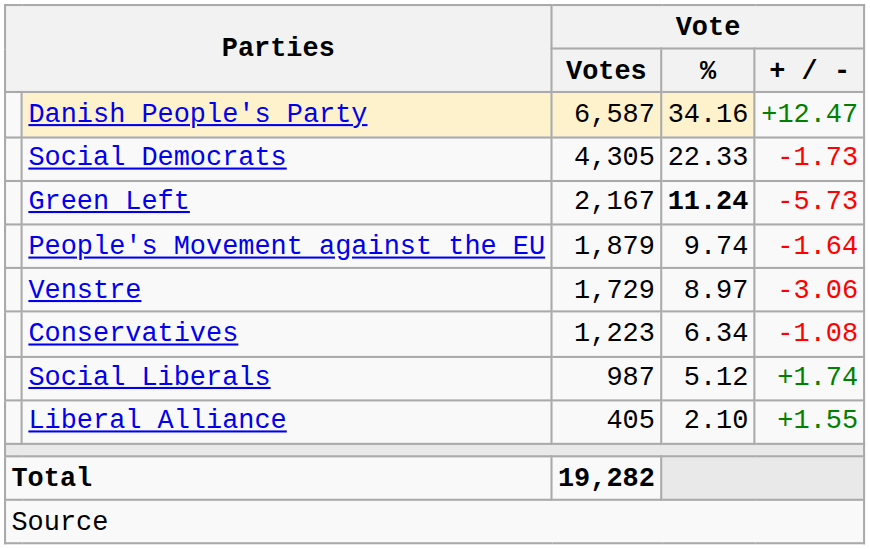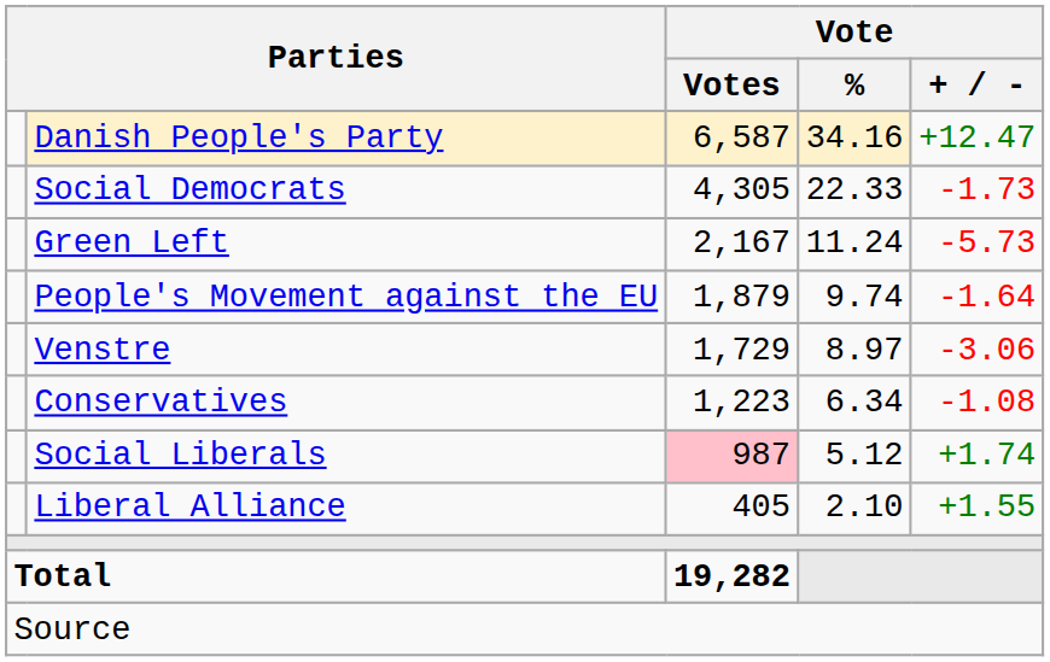 <table class="wikitable" style="text-align:right;">
 <tr>
 <th style="text-align:centre;" rowspan="2" colspan="2" width="225">Parties</th>
 <th colspan="3">Vote</th>
 </tr>
 <tr>
 <th width="15">Votes</th>
 <th width="15">%</th>
 <th width="15">+ / -</th>
 </tr>
 <tr>
 <td width="2" style="color:inherit;background:"></td>
 <td bgcolor=#fef2cc   align="left"><a href='#'>Danish People's Party</a></td>
 <td bgcolor=#fef2cc>6,587</td>
 <td bgcolor=#fef2cc>34.16</td>
 <td style=color:green;>+12.47</td>
 </tr>
 <tr>
 <td width="2" style="color:inherit;background:"></td>
 <td align="left"><a href='#'>Social Democrats</a></td>
 <td>4,305</td>
 <td>22.33</td>
 <td style=color:red;>-1.73</td>
 </tr>
 <tr>
 <td width="2" style="color:inherit;background:"></td>
 <td align="left"><a href='#'>Green Left</a></td>
 <td>2,167</td>
-<td><strong>11.24</strong></td>
+<td>11.24</td>
 <td style=color:red;>-5.73</td>
 </tr>
 <tr>
 <td width="2" style="color:inherit;background:"></td>
 <td align="left"><a href='#'>People's Movement against the EU</a></td>
 <td>1,879</td>
 <td>9.74</td>
 <td style=color:red;>-1.64</td>
 </tr>
 <tr>
 <td width="2" style="color:inherit;background:"></td>
 <td align="left"><a href='#'>Venstre</a></td>
 <td>1,729</td>
 <td>8.97</td>
 <td style=color:red;>-3.06</td>
 </tr>
 <tr>
 <td width="2" style="color:inherit;background:"></td>
 <td align="left"><a href='#'>Conservatives</a></td>
 <td>1,223</td>
 <td>6.34</td>
 <td style=color:red;>-1.08</td>
 </tr>
 <tr>
 <td width="2" style="color:inherit;background:"></td>
 <td align="left"><a href='#'>Social Liberals</a></td>
-<td>987</td>
+<td style="background: pink;">987</td>
 <td>5.12</td>
 <td style=color:green;>+1.74</td>
 </tr>
 <tr>
 <td width="2" style="color:inherit;background:"></td>
 <td align="left"><a href='#'>Liberal Alliance</a></td>
 <td>405</td>
 <td>2.10</td>
 <td style=color:green;>+1.55</td>
 </tr>
 <tr>
 <td colspan="7" bgcolor="#E9E9E9"></td>
 </tr>
 <tr>
 <td align="left" colspan="2"><strong>Total</strong></td>
 <td><strong>19,282</strong></td>
 <td bgcolor="#E9E9E9" colspan="2"></td>
 </tr>
 <tr>
 <td align="left" colspan="6">Source</td>
 </tr>
 </table>
